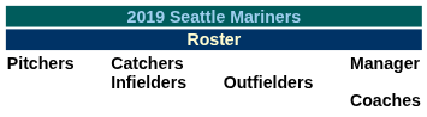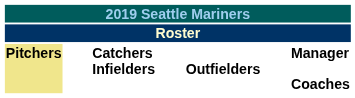 <table class="toccolours" style="font-size: 95%;">
 <tr>
 <th colspan="10" style="background:#005c5c; color:#9eceee; text-align:center;">2019 Seattle Mariners</th>
 </tr>
 <tr>
 <td colspan="10" style="background:#036; color:#fffdd0; text-align:center;"><strong>Roster</strong></td>
 </tr>
 <tr>
-<td valign="top"><strong>Pitchers</strong><br>                                       </td>
+<td valign="top" style="background: khaki;"><strong>Pitchers</strong><br>                                       </td>
 <td style="width:25px;"></td>
 <td valign="top"><strong>Catchers</strong><br>   <strong>Infielders</strong>            </td>
 <td style="width:25px;"></td>
 <td valign="top"><br><strong>Outfielders</strong>            </td>
 <td style="width:25px;"></td>
 <td valign="top"><strong>Manager</strong><br><br><strong>Coaches</strong>                  </td>
 </tr>
 </table>
